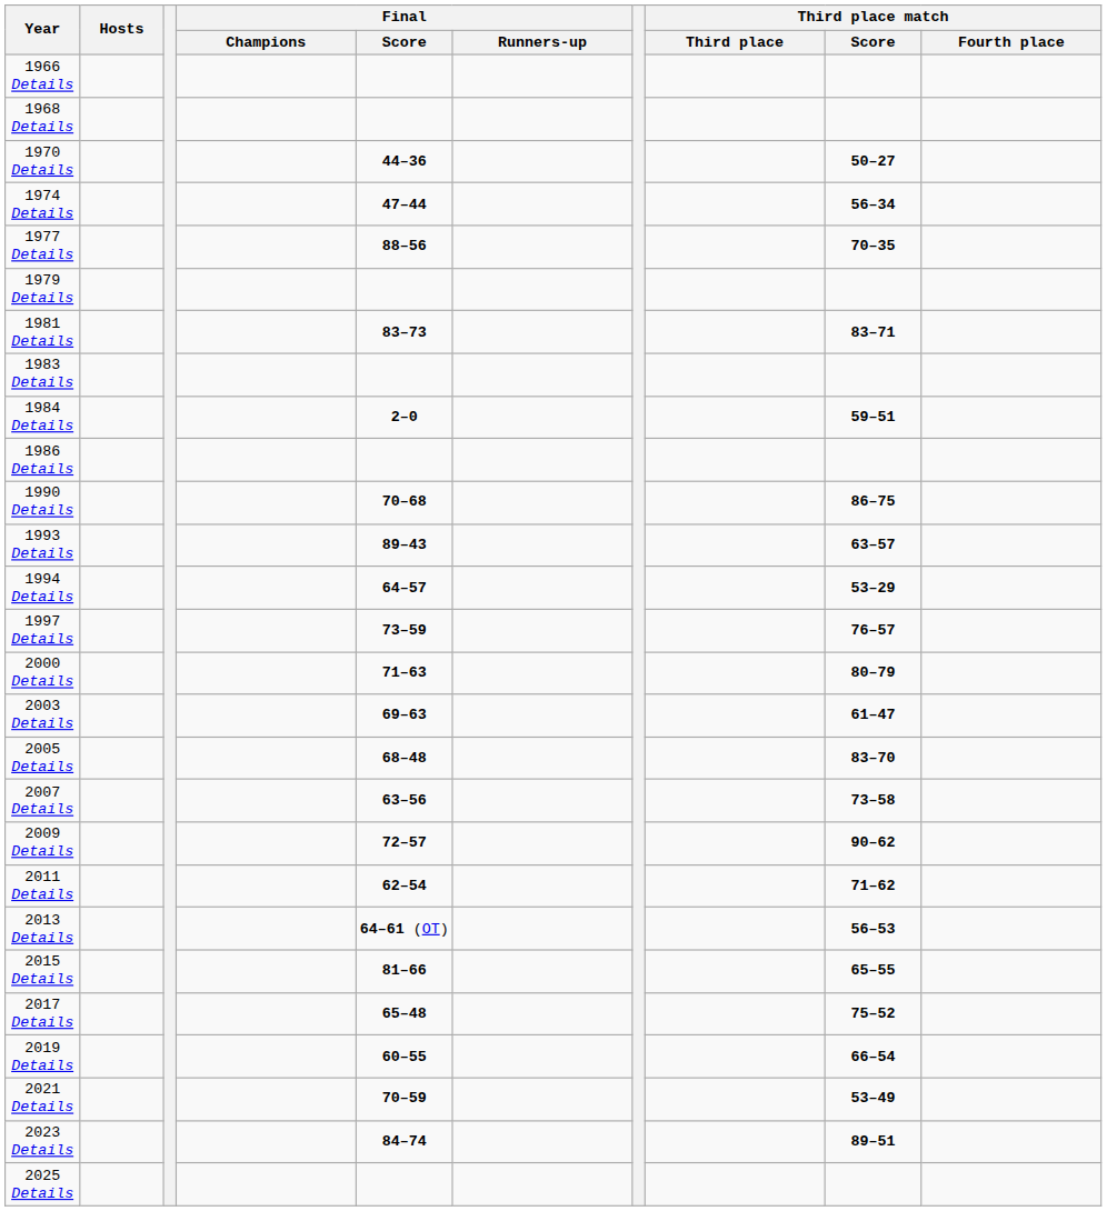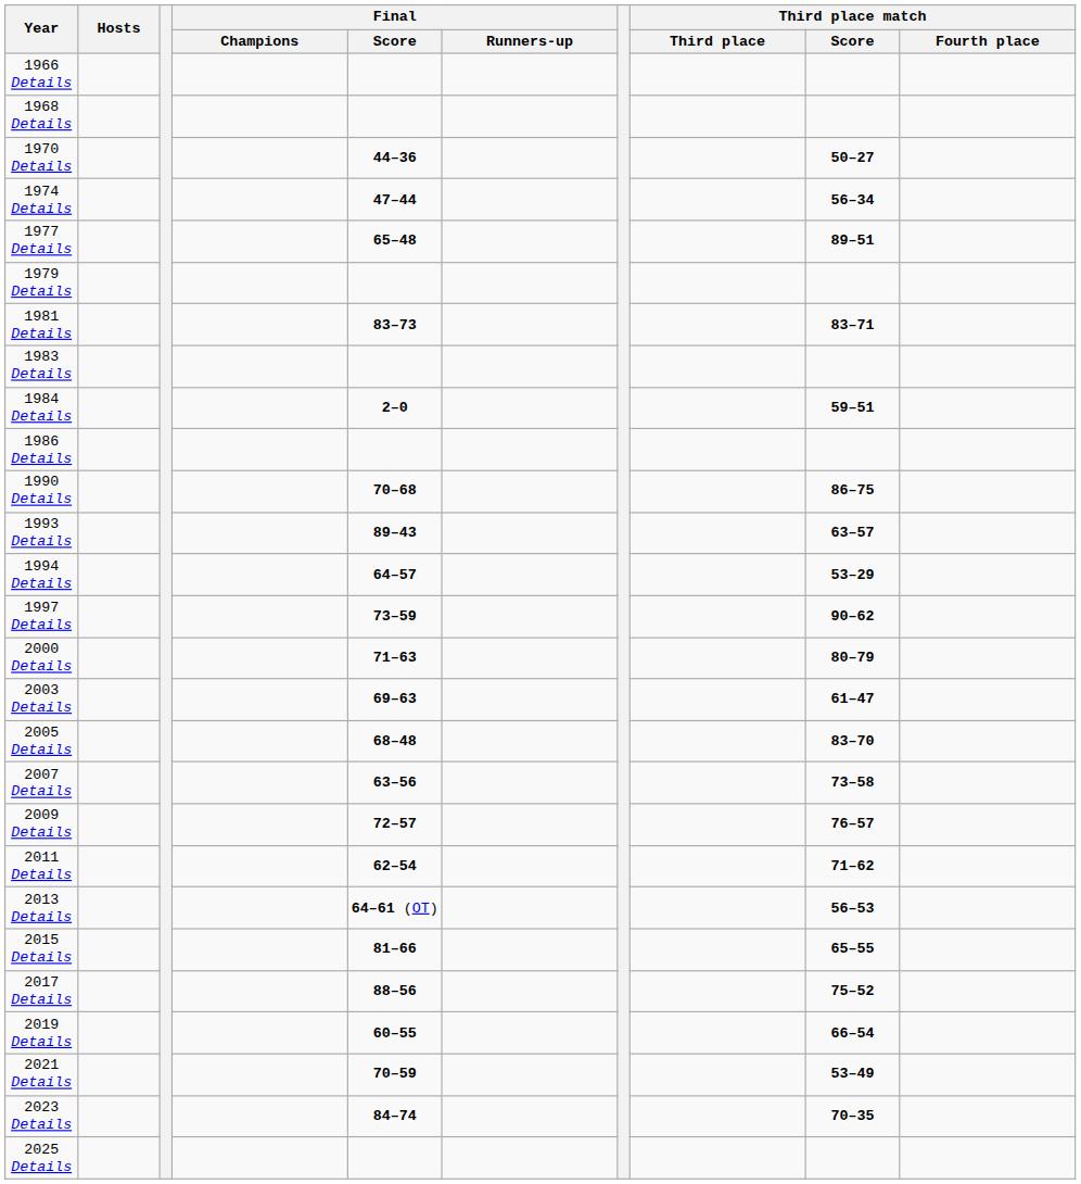 <table class="wikitable" style="font-size:90%; width: 98%; text-align: center;">
 <tr>
 <th rowspan=2 width=5%>Year</th>
 <th rowspan=2 width=7%>Hosts</th>
 <th width=1% rowspan=29></th>
 <th colspan=3>Final</th>
 <th width=1% rowspan=29></th>
 <th colspan=3>Third place match</th>
 </tr>
 <tr>
 <th width=15%>Champions</th>
 <th width=8%>Score</th>
 <th width=15%>Runners-up</th>
 <th width=15%>Third place</th>
 <th width=8%>Score</th>
 <th width=15%>Fourth place</th>
 </tr>
 <tr>
 <td>1966 <br> <em><a href='#'>Details</a></em></td>
 <td align=left></td>
 <td><strong></strong></td>
 <td></td>
 <td></td>
 <td></td>
 <td></td>
 <td></td>
 </tr>
 <tr>
 <td>1968 <br> <em><a href='#'>Details</a></em></td>
 <td align=left></td>
 <td><strong></strong></td>
 <td></td>
 <td></td>
 <td></td>
 <td></td>
 <td></td>
 </tr>
 <tr>
 <td>1970 <br> <em><a href='#'>Details</a></em></td>
 <td align=left></td>
 <td><strong></strong></td>
 <td><strong>44–36</strong></td>
 <td></td>
 <td></td>
 <td><strong>50–27</strong></td>
 <td></td>
 </tr>
 <tr>
 <td>1974 <br> <em><a href='#'>Details</a></em></td>
 <td align=left></td>
 <td><strong></strong></td>
 <td><strong>47–44</strong></td>
 <td></td>
 <td></td>
 <td><strong>56–34</strong></td>
 <td></td>
 </tr>
 <tr>
 <td>1977 <br> <em><a href='#'>Details</a></em></td>
 <td align=left></td>
 <td><strong></strong></td>
-<td><strong>88–56</strong></td>
+<td><strong>65–48</strong></td>
 <td></td>
 <td></td>
-<td><strong>70–35</strong></td>
+<td><strong>89–51</strong></td>
 <td></td>
 </tr>
 <tr>
 <td>1979 <br> <em><a href='#'>Details</a></em></td>
 <td align=left></td>
 <td><strong></strong></td>
 <td></td>
 <td></td>
 <td></td>
 <td></td>
 <td></td>
 </tr>
 <tr>
 <td>1981 <br> <em><a href='#'>Details</a></em></td>
 <td align=left></td>
 <td><strong></strong></td>
 <td><strong>83–73</strong></td>
 <td></td>
 <td></td>
 <td><strong>83–71</strong></td>
 <td></td>
 </tr>
 <tr>
 <td>1983 <br> <em><a href='#'>Details</a></em></td>
 <td align=left></td>
 <td><strong></strong></td>
 <td></td>
 <td><strong></strong></td>
 <td></td>
 <td></td>
 <td></td>
 </tr>
 <tr>
 <td>1984 <br> <em><a href='#'>Details</a></em></td>
 <td align=left></td>
 <td><strong></strong></td>
 <td><strong>2–0</strong> <br> </td>
 <td></td>
 <td></td>
 <td><strong>59–51</strong></td>
 <td></td>
 </tr>
 <tr>
 <td>1986 <br> <em><a href='#'>Details</a></em></td>
 <td align=left></td>
 <td><strong></strong></td>
 <td></td>
 <td></td>
 <td></td>
 <td></td>
 <td></td>
 </tr>
 <tr>
 <td>1990 <br> <em><a href='#'>Details</a></em></td>
 <td align=left></td>
 <td><strong></strong></td>
 <td><strong>70–68</strong></td>
 <td></td>
 <td></td>
 <td><strong>86–75</strong></td>
 <td></td>
 </tr>
 <tr>
 <td>1993 <br> <em><a href='#'>Details</a></em></td>
 <td align=left></td>
 <td><strong></strong></td>
 <td><strong>89–43</strong></td>
 <td></td>
 <td></td>
 <td><strong>63–57</strong></td>
 <td></td>
 </tr>
 <tr>
 <td>1994 <br> <em><a href='#'>Details</a></em></td>
 <td align=left></td>
 <td><strong></strong></td>
 <td><strong>64–57</strong></td>
 <td></td>
 <td></td>
 <td><strong>53–29</strong></td>
 <td></td>
 </tr>
 <tr>
 <td>1997 <br> <em><a href='#'>Details</a></em></td>
 <td align=left></td>
 <td><strong></strong></td>
 <td><strong>73–59</strong></td>
 <td></td>
 <td></td>
-<td><strong>76–57</strong></td>
+<td><strong>90–62</strong></td>
 <td></td>
 </tr>
 <tr>
 <td>2000 <br> <em><a href='#'>Details</a></em></td>
 <td align=left></td>
 <td><strong></strong></td>
 <td><strong>71–63</strong></td>
 <td></td>
 <td></td>
 <td><strong>80–79</strong></td>
 <td></td>
 </tr>
 <tr>
 <td>2003 <br> <em><a href='#'>Details</a></em></td>
 <td align=left></td>
 <td><strong></strong></td>
 <td><strong>69–63</strong></td>
 <td></td>
 <td></td>
 <td><strong>61–47</strong></td>
 <td></td>
 </tr>
 <tr>
 <td>2005 <br> <em><a href='#'>Details</a></em></td>
 <td align=left></td>
 <td><strong></strong></td>
 <td><strong>68–48</strong></td>
 <td></td>
 <td></td>
 <td><strong>83–70</strong></td>
 <td></td>
 </tr>
 <tr>
 <td>2007 <br> <em><a href='#'>Details</a></em></td>
 <td align=left></td>
 <td><strong></strong></td>
 <td><strong>63–56</strong></td>
 <td></td>
 <td></td>
 <td><strong>73–58</strong></td>
 <td></td>
 </tr>
 <tr>
 <td>2009 <br> <em><a href='#'>Details</a></em></td>
 <td align=left></td>
 <td><strong></strong></td>
 <td><strong>72–57</strong></td>
 <td></td>
 <td></td>
-<td><strong>90–62</strong></td>
+<td><strong>76–57</strong></td>
 <td></td>
 </tr>
 <tr>
 <td>2011 <br> <em><a href='#'>Details</a></em></td>
 <td align=left></td>
 <td><strong></strong></td>
 <td><strong>62–54</strong></td>
 <td></td>
 <td></td>
 <td><strong>71–62</strong></td>
 <td></td>
 </tr>
 <tr>
 <td>2013 <br> <em><a href='#'>Details</a></em></td>
 <td align=left></td>
 <td><strong></strong></td>
 <td><strong>64–61</strong> (<a href='#'>OT</a>)</td>
 <td></td>
 <td></td>
 <td><strong>56–53</strong></td>
 <td></td>
 </tr>
 <tr>
 <td>2015 <br> <em><a href='#'>Details</a></em></td>
 <td align=left></td>
 <td><strong></strong></td>
 <td><strong>81–66</strong></td>
 <td></td>
 <td></td>
 <td><strong>65–55</strong></td>
 <td></td>
 </tr>
 <tr>
 <td>2017 <br> <em><a href='#'>Details</a></em></td>
 <td align=left></td>
 <td><strong></strong></td>
-<td><strong>65–48</strong></td>
+<td><strong>88–56</strong></td>
 <td></td>
 <td></td>
 <td><strong>75–52</strong></td>
 <td></td>
 </tr>
 <tr>
 <td>2019 <br> <em><a href='#'>Details</a></em></td>
 <td align=left></td>
 <td><strong></strong></td>
 <td><strong>60–55</strong></td>
 <td></td>
 <td></td>
 <td><strong>66–54</strong></td>
 <td></td>
 </tr>
 <tr>
 <td>2021 <br> <em><a href='#'>Details</a></em></td>
 <td align=left></td>
 <td><strong></strong></td>
 <td><strong>70–59</strong></td>
 <td></td>
 <td></td>
 <td><strong>53–49</strong></td>
 <td></td>
 </tr>
 <tr>
 <td>2023 <br> <em><a href='#'>Details</a></em></td>
 <td align=left></td>
 <td><strong></strong></td>
 <td><strong>84–74</strong></td>
 <td></td>
 <td></td>
-<td><strong>89–51</strong></td>
+<td><strong>70–35</strong></td>
 <td></td>
 </tr>
 <tr>
 <td>2025 <br> <em><a href='#'>Details</a></em></td>
 <td align=left></td>
 <td></td>
 <td></td>
 <td></td>
 <td></td>
 <td></td>
 <td></td>
 </tr>
 </table>
